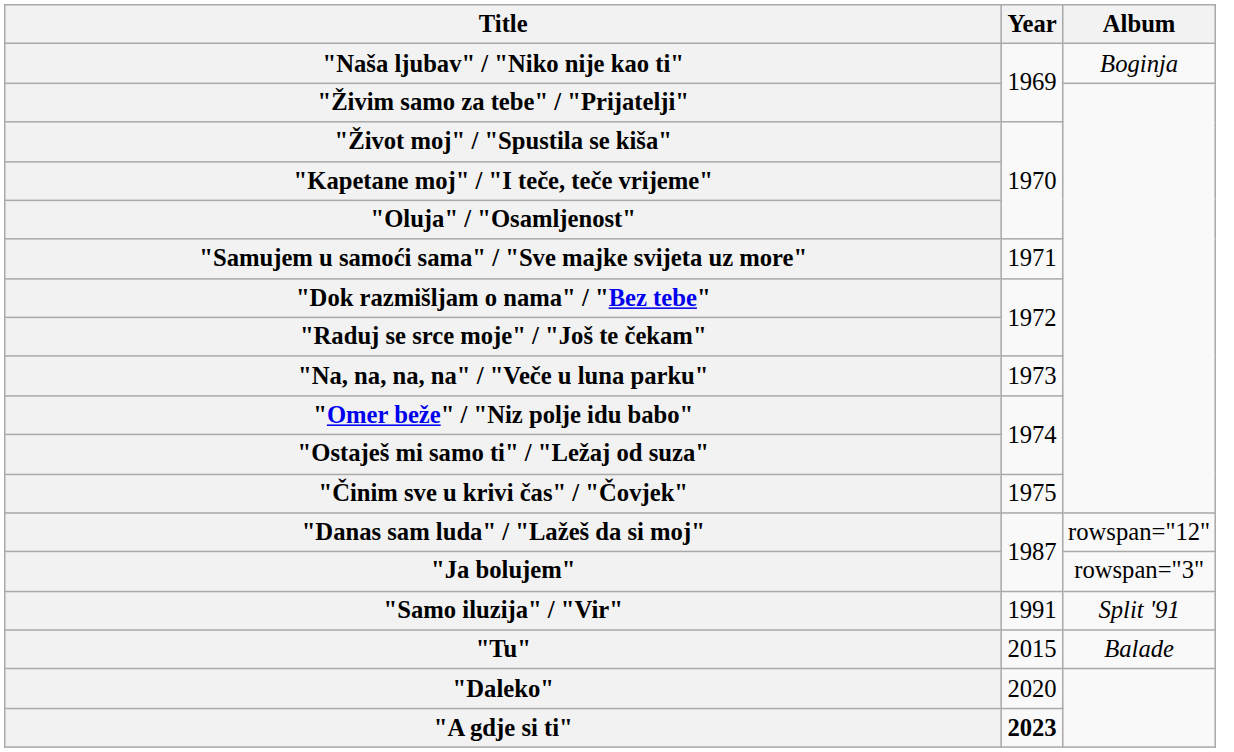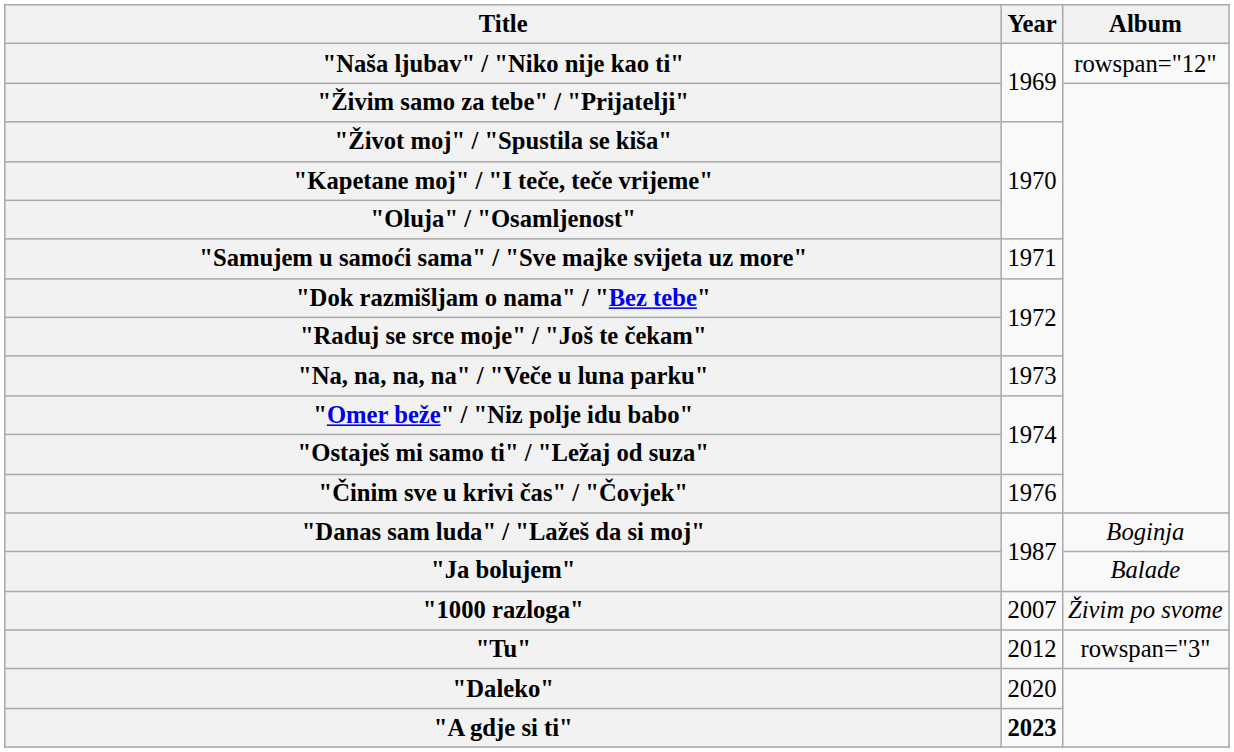 <table class="wikitable plainrowheaders" style="text-align:center;">
 <tr>
 <th scope="col" style="width:40em;">Title</th>
 <th scope="col">Year</th>
 <th scope="col">Album</th>
 </tr>
 <tr>
 <th scope="row">"Naša ljubav" / "Niko nije kao ti"</th>
 <td rowspan="2">1969</td>
-<td><em>Boginja</em></td>
+<td>rowspan="12" </td>
 </tr>
 <tr>
 <th scope="row">"Živim samo za tebe" / "Prijatelji"</th>
 </tr>
 <tr>
 <th scope="row">"Život moj" / "Spustila se kiša"</th>
 <td rowspan="3">1970</td>
 </tr>
 <tr>
 <th scope="row">"Kapetane moj" / "I teče, teče vrijeme"</th>
 </tr>
 <tr>
 <th scope="row">"Oluja" / "Osamljenost"</th>
 </tr>
 <tr>
 <th scope="row">"Samujem u samoći sama" / "Sve majke svijeta uz more"</th>
 <td>1971</td>
 </tr>
 <tr>
 <th scope="row">"Dok razmišljam o nama" / "<a href='#'>Bez tebe</a>"</th>
 <td rowspan="2">1972</td>
 </tr>
 <tr>
 <th scope="row">"Raduj se srce moje" / "Još te čekam"</th>
 </tr>
 <tr>
 <th scope="row">"Na, na, na, na" / "Veče u luna parku"</th>
 <td>1973</td>
 </tr>
 <tr>
 <th scope="row">"<a href='#'>Omer beže</a>" / "Niz polje idu babo"</th>
 <td rowspan="2">1974</td>
 </tr>
 <tr>
 <th scope="row">"Ostaješ mi samo ti" / "Ležaj od suza"</th>
 </tr>
 <tr>
 <th scope="row">"Činim sve u krivi čas" / "Čovjek"</th>
-<td>1975</td>
+<td>1976</td>
 </tr>
 <tr>
 <th scope="row">"Danas sam luda" / "Lažeš da si moj"</th>
 <td rowspan="2">1987</td>
-<td>rowspan="12" </td>
+<td><em>Boginja</em></td>
 </tr>
 <tr>
 <th scope="row">"Ja bolujem"</th>
-<td>rowspan="3" </td>
+<td><em>Balade</em></td>
 </tr>
 <tr>
-<th scope="row">"Samo iluzija" / "Vir"</th>
-<td>1991</td>
-<td><em>Split '91</em></td>
+<th scope="row">"1000 razloga"</th>
+<td>2007</td>
+<td><em>Živim po svome</em></td>
 </tr>
 <tr>
 <th scope="row">"Tu"</th>
-<td>2015</td>
-<td><em>Balade</em></td>
+<td>2012</td>
+<td>rowspan="3" </td>
 </tr>
 <tr>
 <th scope="row">"Daleko"</th>
 <td>2020</td>
 </tr>
 <tr>
 <th scope="row">"A gdje si ti"</th>
 <td><strong>2023</strong></td>
 </tr>
 </table>
